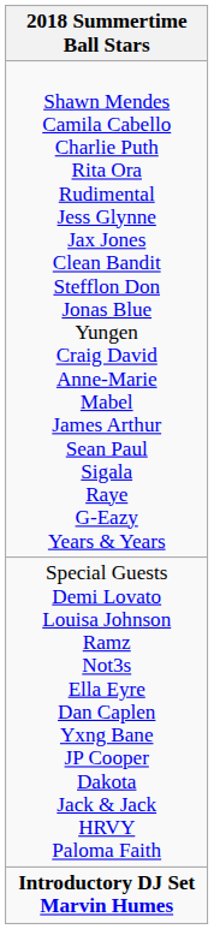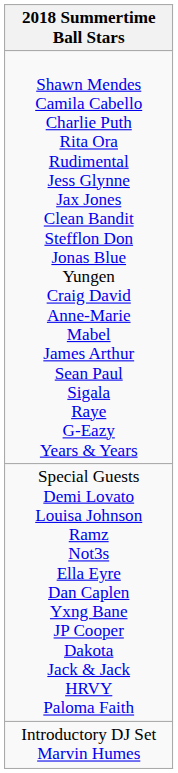 <table class="wikitable">
 <tr>
 <th>2018 Summertime Ball Stars</th>
 </tr>
 <tr>
 <td style="text-align:center; vertical-align:top; width:150px;"><br><a href='#'>Shawn Mendes</a> <br><a href='#'>Camila Cabello</a> <br><a href='#'>Charlie Puth</a> <br><a href='#'>Rita Ora</a> <br><a href='#'>Rudimental</a> <br><a href='#'>Jess Glynne</a> <br><a href='#'>Jax Jones</a> <br><a href='#'>Clean Bandit</a> <br><a href='#'>Stefflon Don</a> <br><a href='#'>Jonas Blue</a> <br>Yungen <br><a href='#'>Craig David</a> <br><a href='#'>Anne-Marie</a> <br><a href='#'>Mabel</a> <br><a href='#'>James Arthur</a> <br><a href='#'>Sean Paul</a> <br><a href='#'>Sigala</a> <br><a href='#'>Raye</a> <br><a href='#'>G-Eazy</a> <br><a href='#'>Years & Years</a></td>
 </tr>
 <tr>
 <td style="text-align:center; vertical-align:top; width:150px;">Special Guests<br><a href='#'>Demi Lovato</a> <br><a href='#'>Louisa Johnson</a> <br><a href='#'>Ramz</a> <br><a href='#'>Not3s</a> <br><a href='#'>Ella Eyre</a> <br><a href='#'>Dan Caplen</a> <br><a href='#'>Yxng Bane</a> <br><a href='#'>JP Cooper</a> <br><a href='#'>Dakota</a> <br><a href='#'>Jack & Jack</a>  <br><a href='#'>HRVY</a> <br><a href='#'>Paloma Faith</a></td>
 </tr>
 <tr>
-<td style="text-align:center; vertical-align:top; width:150px;"><strong>Introductory DJ Set<br><a href='#'>Marvin Humes</a></strong></td>
+<td style="text-align:center; vertical-align:top; width:150px;">Introductory DJ Set<br><a href='#'>Marvin Humes</a></td>
 </tr>
 <tr>
 </tr>
 </table>
